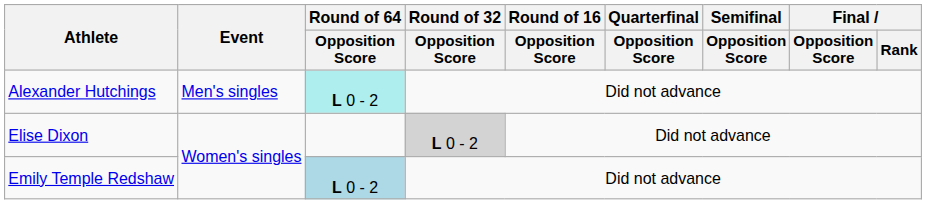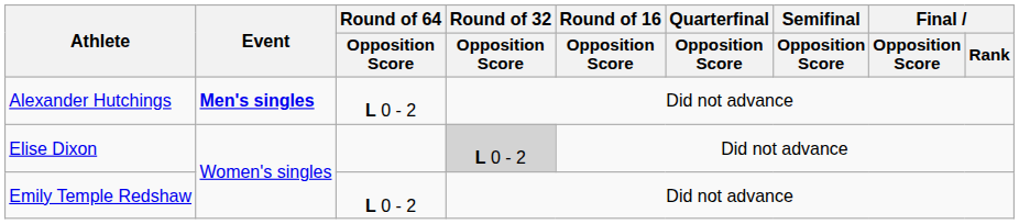 <table class=wikitable style="font-size:90%">
 <tr>
 <th rowspan=2>Athlete</th>
 <th rowspan=2>Event</th>
 <th>Round of 64</th>
 <th>Round of 32</th>
 <th>Round of 16</th>
 <th>Quarterfinal</th>
 <th>Semifinal</th>
 <th colspan=2>Final / </th>
 </tr>
 <tr style="font-size:95%">
 <th>Opposition<br>Score</th>
 <th>Opposition<br>Score</th>
 <th>Opposition<br>Score</th>
 <th>Opposition<br>Score</th>
 <th>Opposition<br>Score</th>
 <th>Opposition<br>Score</th>
 <th>Rank</th>
 </tr>
 <tr align=center>
 <td align=left><a href='#'>Alexander Hutchings</a></td>
-<td align=left><a href='#'>Men's singles</a></td>
-<td style="background: paleturquoise;"><br><strong>L</strong> 0 - 2</td>
+<td align=left><strong><a href='#'>Men's singles</a></strong></td>
+<td><br><strong>L</strong> 0 - 2</td>
 <td colspan=6>Did not advance</td>
 </tr>
 <tr align=center>
 <td align=left><a href='#'>Elise Dixon</a></td>
 <td align=left rowspan=2><a href='#'>Women's singles</a></td>
 <td></td>
 <td style="background: lightgrey;"><br><strong>L</strong> 0 - 2</td>
 <td colspan=5>Did not advance</td>
 </tr>
 <tr align=center>
 <td align=left><a href='#'>Emily Temple Redshaw</a></td>
-<td style="background: lightblue;"><br><strong>L</strong> 0 - 2</td>
+<td><br><strong>L</strong> 0 - 2</td>
 <td colspan=6>Did not advance</td>
 </tr>
 </table>
